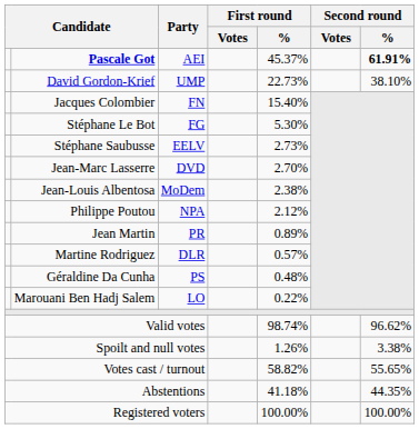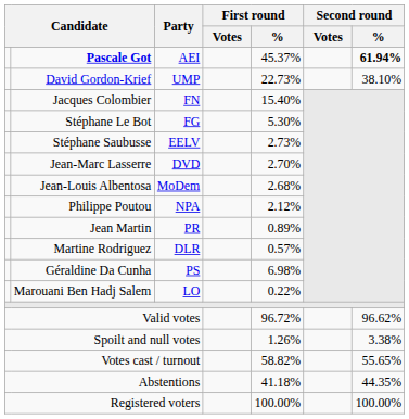 <table class="wikitable" style="text-align:right;font-size:95%;">
 <tr>
 <th rowspan=2 colspan=2>Candidate</th>
 <th rowspan=2 colspan=1>Party</th>
 <th colspan=2>First round</th>
 <th colspan=2>Second round</th>
 </tr>
 <tr>
 <th style="width:50px;">Votes</th>
 <th style="width:55px;">%</th>
 <th style="width:50px;">Votes</th>
 <th style="width:55px;">%</th>
 </tr>
 <tr>
 <td style="color:inherit;background-color:"></td>
 <td><strong><a href='#'>Pascale Got</a></strong></td>
 <td><a href='#'>AEI</a></td>
 <td></td>
 <td>45.37%</td>
 <td><strong></strong></td>
-<td><strong>61.91%</strong></td>
+<td><strong>61.94%</strong></td>
 </tr>
 <tr>
 <td style="color:inherit;background-color:"></td>
 <td><a href='#'>David Gordon-Krief</a></td>
 <td><a href='#'>UMP</a></td>
 <td></td>
 <td>22.73%</td>
 <td></td>
 <td>38.10%</td>
 </tr>
 <tr>
 <td style="color:inherit;background-color:"></td>
 <td>Jacques Colombier</td>
 <td><a href='#'>FN</a></td>
 <td></td>
 <td>15.40%</td>
 <td colspan=7 rowspan=10 style="background-color:#E9E9E9;"></td>
 </tr>
 <tr>
 <td style="color:inherit;background-color:"></td>
 <td>Stéphane Le Bot</td>
 <td><a href='#'>FG</a></td>
 <td></td>
 <td>5.30%</td>
 </tr>
 <tr>
 <td style="color:inherit;background-color:"></td>
 <td>Stéphane Saubusse</td>
 <td><a href='#'>EELV</a></td>
 <td></td>
 <td>2.73%</td>
 </tr>
 <tr>
 <td style="color:inherit;background-color:"></td>
 <td>Jean-Marc Lasserre</td>
 <td><a href='#'>DVD</a></td>
 <td></td>
 <td>2.70%</td>
 </tr>
 <tr>
 <td style="color:inherit;background-color:"></td>
 <td>Jean-Louis Albentosa</td>
 <td><a href='#'>MoDem</a></td>
 <td></td>
-<td>2.38%</td>
+<td>2.68%</td>
 </tr>
 <tr>
 <td style="color:inherit;background-color:"></td>
 <td>Philippe Poutou</td>
 <td><a href='#'>NPA</a></td>
 <td></td>
 <td>2.12%</td>
 </tr>
 <tr>
 <td style="color:inherit;background-color:"></td>
 <td>Jean Martin</td>
 <td><a href='#'>PR</a></td>
 <td></td>
 <td>0.89%</td>
 </tr>
 <tr>
 <td style="color:inherit;background-color:"></td>
 <td>Martine Rodriguez</td>
 <td><a href='#'>DLR</a></td>
 <td></td>
 <td>0.57%</td>
 </tr>
 <tr>
 <td style="color:inherit;background-color:"></td>
 <td>Géraldine Da Cunha</td>
 <td><a href='#'>PS</a></td>
 <td></td>
-<td>0.48%</td>
+<td>6.98%</td>
 </tr>
 <tr>
 <td style="color:inherit;background-color:"></td>
 <td>Marouani Ben Hadj Salem</td>
 <td><a href='#'>LO</a></td>
 <td></td>
 <td>0.22%</td>
 </tr>
 <tr>
 <td colspan=7 style="background-color:#E9E9E9;"></td>
 </tr>
 <tr>
 <td colspan=3>Valid votes</td>
 <td></td>
-<td>98.74%</td>
+<td>96.72%</td>
 <td></td>
 <td>96.62%</td>
 </tr>
 <tr>
 <td colspan=3>Spoilt and null votes</td>
 <td></td>
 <td>1.26%</td>
 <td></td>
 <td>3.38%</td>
 </tr>
 <tr>
 <td colspan=3>Votes cast / turnout</td>
 <td></td>
 <td>58.82%</td>
 <td></td>
 <td>55.65%</td>
 </tr>
 <tr>
 <td colspan=3>Abstentions</td>
 <td></td>
 <td>41.18%</td>
 <td></td>
 <td>44.35%</td>
 </tr>
 <tr>
 <td colspan=3>Registered voters</td>
 <td></td>
 <td>100.00%</td>
 <td></td>
 <td>100.00%</td>
 </tr>
 </table>
